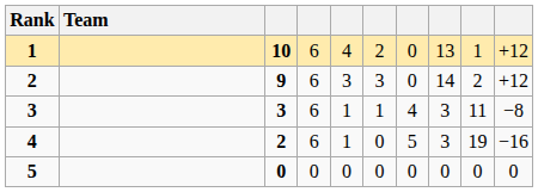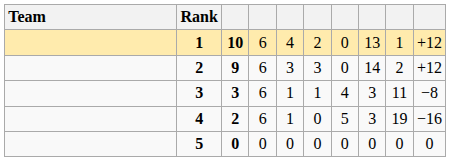 <table class="wikitable" style="text-align:center">
 <tr>
+<th width=165 style="text-align:left">Team</th>
 <th width=30>Rank</th>
-<th width=165 style="text-align:left">Team</th>
 <th width=20></th>
 <th width=20></th>
 <th width=20></th>
 <th width=20></th>
 <th width=20></th>
 <th width=20></th>
 <th width=20></th>
 <th width=20></th>
 </tr>
 <tr bgcolor="#ffebad">
+<td align="left"></td>
 <td><strong>1</strong></td>
-<td align="left"></td>
 <td><strong>10</strong></td>
 <td>6</td>
 <td>4</td>
 <td>2</td>
 <td>0</td>
 <td>13</td>
 <td>1</td>
 <td>+12</td>
 </tr>
 <tr>
+<td align="left"></td>
 <td><strong>2</strong></td>
-<td align="left"></td>
 <td><strong>9</strong></td>
 <td>6</td>
 <td>3</td>
 <td>3</td>
 <td>0</td>
 <td>14</td>
 <td>2</td>
 <td>+12</td>
 </tr>
 <tr>
+<td align="left"></td>
 <td><strong>3</strong></td>
-<td align="left"></td>
 <td><strong>3</strong></td>
 <td>6</td>
 <td>1</td>
 <td>1</td>
 <td>4</td>
 <td>3</td>
 <td>11</td>
 <td>−8</td>
 </tr>
 <tr>
+<td align="left"></td>
 <td><strong>4</strong></td>
-<td align="left"></td>
 <td><strong>2</strong></td>
 <td>6</td>
 <td>1</td>
 <td>0</td>
 <td>5</td>
 <td>3</td>
 <td>19</td>
 <td>−16</td>
 </tr>
 <tr>
+<td align="left"></td>
 <td><strong>5</strong></td>
-<td align="left"></td>
 <td><strong>0</strong></td>
 <td>0</td>
 <td>0</td>
 <td>0</td>
 <td>0</td>
 <td>0</td>
 <td>0</td>
 <td>0</td>
 </tr>
 </table>
